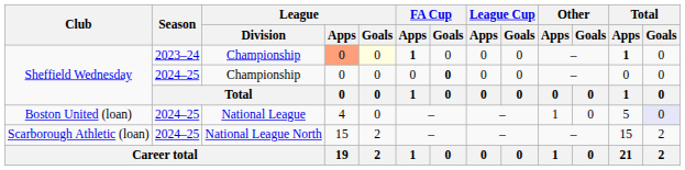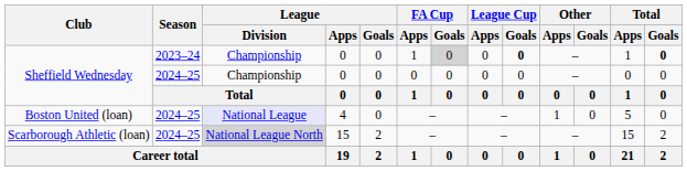 <table class=wikitable style="text-align:center">
 <tr>
 <th rowspan=2>Club</th>
 <th rowspan=2>Season</th>
 <th colspan=3>League</th>
 <th colspan=2><a href='#'>FA Cup</a></th>
 <th colspan=2><a href='#'>League Cup</a></th>
 <th colspan=2>Other</th>
 <th colspan=2>Total</th>
 </tr>
 <tr>
 <th>Division</th>
 <th>Apps</th>
 <th>Goals</th>
 <th>Apps</th>
 <th>Goals</th>
 <th>Apps</th>
 <th>Goals</th>
 <th>Apps</th>
 <th>Goals</th>
 <th>Apps</th>
 <th>Goals</th>
 </tr>
 <tr>
 <td rowspan="3"><a href='#'>Sheffield Wednesday</a></td>
 <td><a href='#'>2023–24</a></td>
 <td><a href='#'>Championship</a></td>
-<td style="background: lightsalmon;">0</td>
-<td style="background: lightyellow;">0</td>
-<td><strong>1</strong></td>
 <td>0</td>
 <td>0</td>
+<td>1</td>
+<td style="background: lightgrey;">0</td>
 <td>0</td>
+<td><strong>0</strong></td>
 <td colspan="2">–</td>
-<td><strong>1</strong></td>
-<td>0</td>
+<td>1</td>
+<td><strong>0</strong></td>
 </tr>
 <tr>
 <td><a href='#'>2024–25</a></td>
 <td>Championship</td>
 <td>0</td>
 <td>0</td>
 <td>0</td>
-<td><strong>0</strong></td>
+<td>0</td>
 <td>0</td>
 <td>0</td>
 <td colspan="2">–</td>
 <td>0</td>
 <td>0</td>
 </tr>
 <tr>
 <th colspan="2">Total</th>
 <th>0</th>
 <th>0</th>
 <th>1</th>
 <th>0</th>
 <th>0</th>
 <th>0</th>
 <th>0</th>
 <th>0</th>
 <th>1</th>
 <th>0</th>
 </tr>
 <tr>
 <td><a href='#'>Boston United</a> (loan)</td>
 <td><a href='#'>2024–25</a></td>
-<td><a href='#'>National League</a></td>
+<td style="background: lavender;"><a href='#'>National League</a></td>
 <td>4</td>
 <td>0</td>
 <td colspan="2">–</td>
 <td colspan="2">–</td>
 <td>1</td>
 <td>0</td>
 <td>5</td>
-<td style="background: lavender;">0</td>
+<td>0</td>
 </tr>
 <tr>
 <td><a href='#'>Scarborough Athletic</a> (loan)</td>
 <td><a href='#'>2024–25</a></td>
-<td><a href='#'>National League North</a></td>
+<td style="background: lightgrey;"><a href='#'>National League North</a></td>
 <td>15</td>
 <td>2</td>
 <td colspan="2">–</td>
 <td colspan="2">–</td>
 <td colspan="2">–</td>
 <td>15</td>
 <td>2</td>
 </tr>
 <tr>
 <th colspan=3>Career total</th>
 <th>19</th>
 <th>2</th>
 <th>1</th>
 <th>0</th>
 <th>0</th>
 <th>0</th>
 <th>1</th>
 <th>0</th>
 <th>21</th>
 <th>2</th>
 </tr>
 </table>
